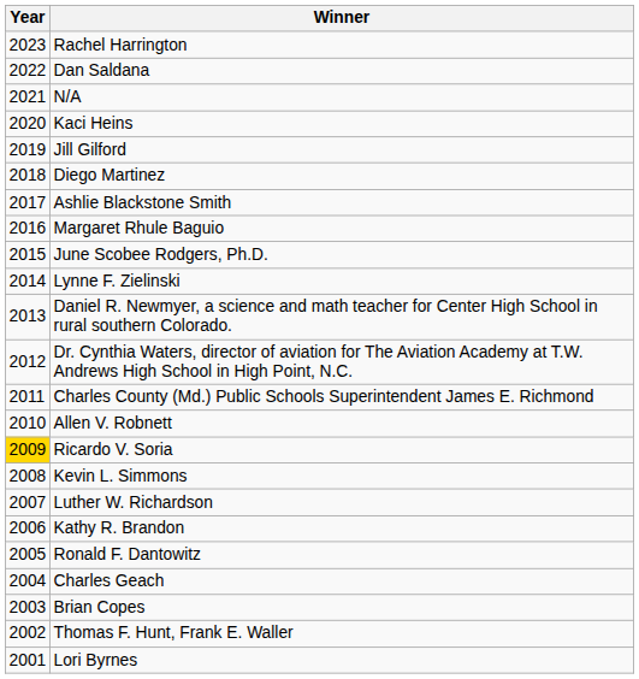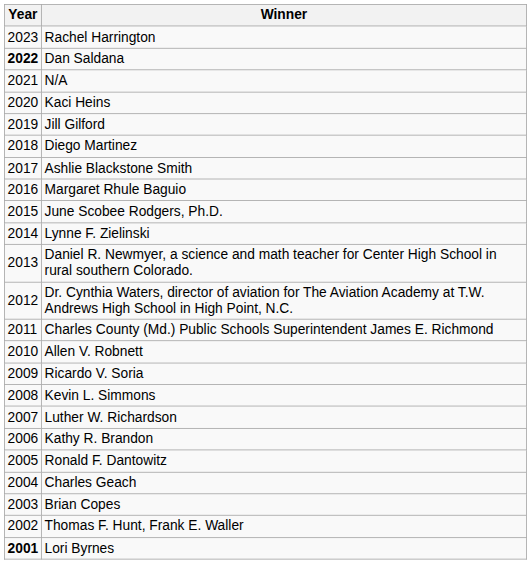 <table class="wikitable">
 <tr>
 <th>Year</th>
 <th>Winner</th>
 </tr>
 <tr>
 <td>2023</td>
 <td>Rachel Harrington</td>
 </tr>
 <tr>
-<td>2022</td>
+<td><strong>2022</strong></td>
 <td>Dan Saldana</td>
 </tr>
 <tr>
 <td>2021</td>
 <td>N/A</td>
 </tr>
 <tr>
 <td>2020</td>
 <td>Kaci Heins</td>
 </tr>
 <tr>
 <td>2019</td>
 <td>Jill Gilford</td>
 </tr>
 <tr>
 <td>2018</td>
 <td>Diego Martinez</td>
 </tr>
 <tr>
 <td>2017</td>
 <td>Ashlie Blackstone Smith</td>
 </tr>
 <tr>
 <td>2016</td>
 <td>Margaret Rhule Baguio</td>
 </tr>
 <tr>
 <td>2015</td>
 <td>June Scobee Rodgers, Ph.D.</td>
 </tr>
 <tr>
 <td>2014</td>
 <td>Lynne F. Zielinski</td>
 </tr>
 <tr>
 <td>2013</td>
 <td>Daniel R. Newmyer, a science and math teacher for Center High School in rural southern Colorado.</td>
 </tr>
 <tr>
 <td>2012</td>
 <td>Dr. Cynthia Waters, director of aviation for The Aviation Academy at T.W. Andrews High School in High Point, N.C.</td>
 </tr>
 <tr>
 <td>2011</td>
 <td>Charles County (Md.) Public Schools Superintendent James E. Richmond</td>
 </tr>
 <tr>
 <td>2010</td>
 <td>Allen V. Robnett</td>
 </tr>
 <tr>
-<td style="background: gold;">2009</td>
+<td>2009</td>
 <td>Ricardo V. Soria</td>
 </tr>
 <tr>
 <td>2008</td>
 <td>Kevin L. Simmons</td>
 </tr>
 <tr>
 <td>2007</td>
 <td>Luther W. Richardson</td>
 </tr>
 <tr>
 <td>2006</td>
 <td>Kathy R. Brandon</td>
 </tr>
 <tr>
 <td>2005</td>
 <td>Ronald F. Dantowitz</td>
 </tr>
 <tr>
 <td>2004</td>
 <td>Charles Geach</td>
 </tr>
 <tr>
 <td>2003</td>
 <td>Brian Copes</td>
 </tr>
 <tr>
 <td>2002</td>
 <td>Thomas F. Hunt, Frank E. Waller</td>
 </tr>
 <tr>
-<td>2001</td>
+<td><strong>2001</strong></td>
 <td>Lori Byrnes</td>
 </tr>
 </table>
